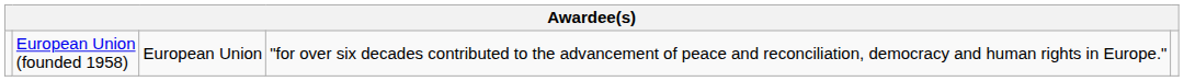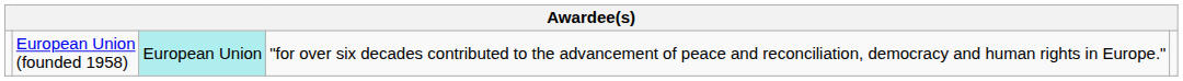 <table class="wikitable">
 <tr>
 <th colspan="5">Awardee(s)</th>
 </tr>
 <tr>
 <td></td>
 <td><a href='#'>European Union</a><br>(founded 1958)</td>
-<td>European Union</td>
+<td style="background: paleturquoise;">European Union</td>
 <td>"for over six decades contributed to the advancement of peace and reconciliation, democracy and human rights in Europe."</td>
 <td></td>
 </tr>
 </table>
